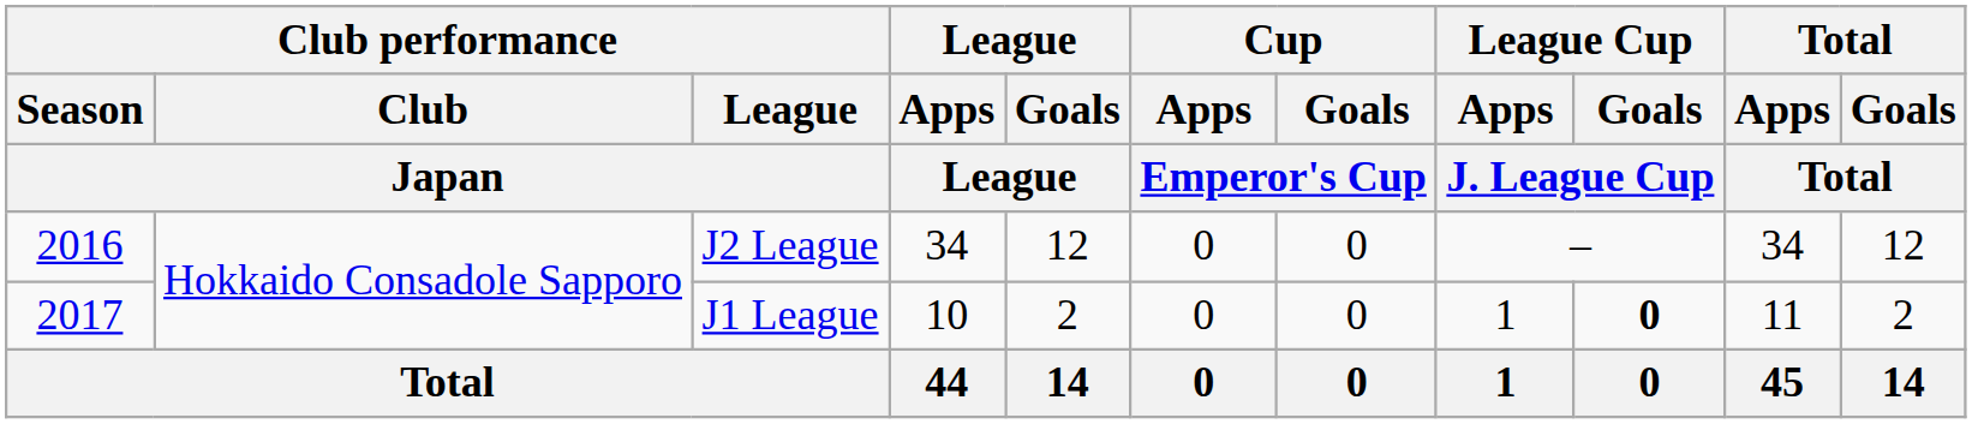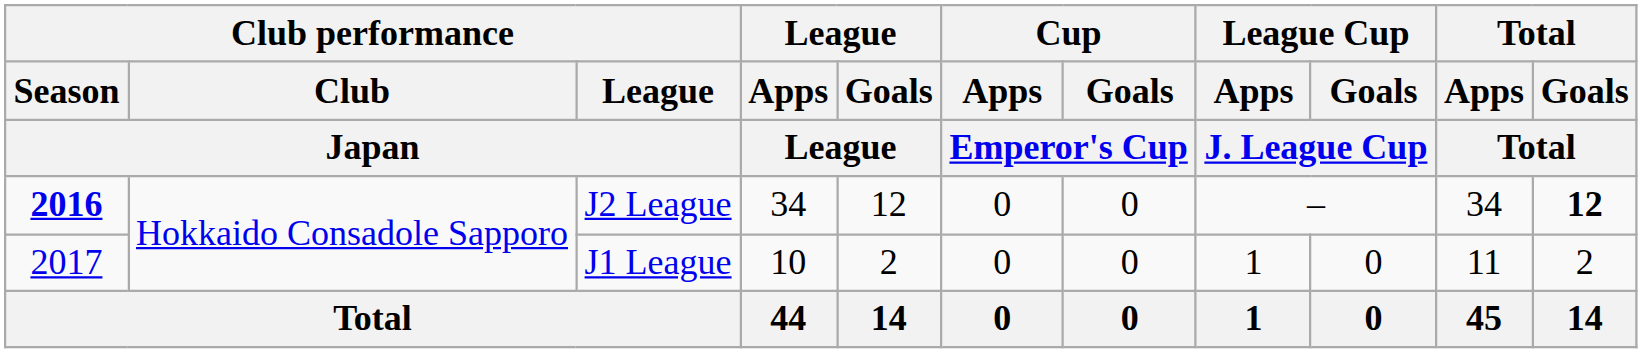 <table class="wikitable" style="text-align:center;">
 <tr>
 <th colspan=3>Club performance</th>
 <th colspan=2>League</th>
 <th colspan=2>Cup</th>
 <th colspan=2>League Cup</th>
 <th colspan=2>Total</th>
 </tr>
 <tr>
 <th>Season</th>
 <th>Club</th>
 <th>League</th>
 <th>Apps</th>
 <th>Goals</th>
 <th>Apps</th>
 <th>Goals</th>
 <th>Apps</th>
 <th>Goals</th>
 <th>Apps</th>
 <th>Goals</th>
 </tr>
 <tr>
 <th colspan=3>Japan</th>
 <th colspan=2>League</th>
 <th colspan=2><a href='#'>Emperor's Cup</a></th>
 <th colspan=2><a href='#'>J. League Cup</a></th>
 <th colspan=2>Total</th>
 </tr>
 <tr>
-<td><a href='#'>2016</a></td>
+<td><strong><a href='#'>2016</a></strong></td>
 <td rowspan="2"><a href='#'>Hokkaido Consadole Sapporo</a></td>
 <td rowspan="1"><a href='#'>J2 League</a></td>
 <td>34</td>
 <td>12</td>
 <td>0</td>
 <td>0</td>
 <td colspan="2">–</td>
 <td>34</td>
-<td>12</td>
+<td><strong>12</strong></td>
 </tr>
 <tr>
 <td><a href='#'>2017</a></td>
 <td rowspan="1"><a href='#'>J1 League</a></td>
 <td>10</td>
 <td>2</td>
 <td>0</td>
 <td>0</td>
 <td>1</td>
-<td><strong>0</strong></td>
+<td>0</td>
 <td>11</td>
 <td>2</td>
 </tr>
 <tr>
 <th colspan=3>Total</th>
 <th>44</th>
 <th>14</th>
 <th>0</th>
 <th>0</th>
 <th>1</th>
 <th>0</th>
 <th>45</th>
 <th>14</th>
 </tr>
 </table>
